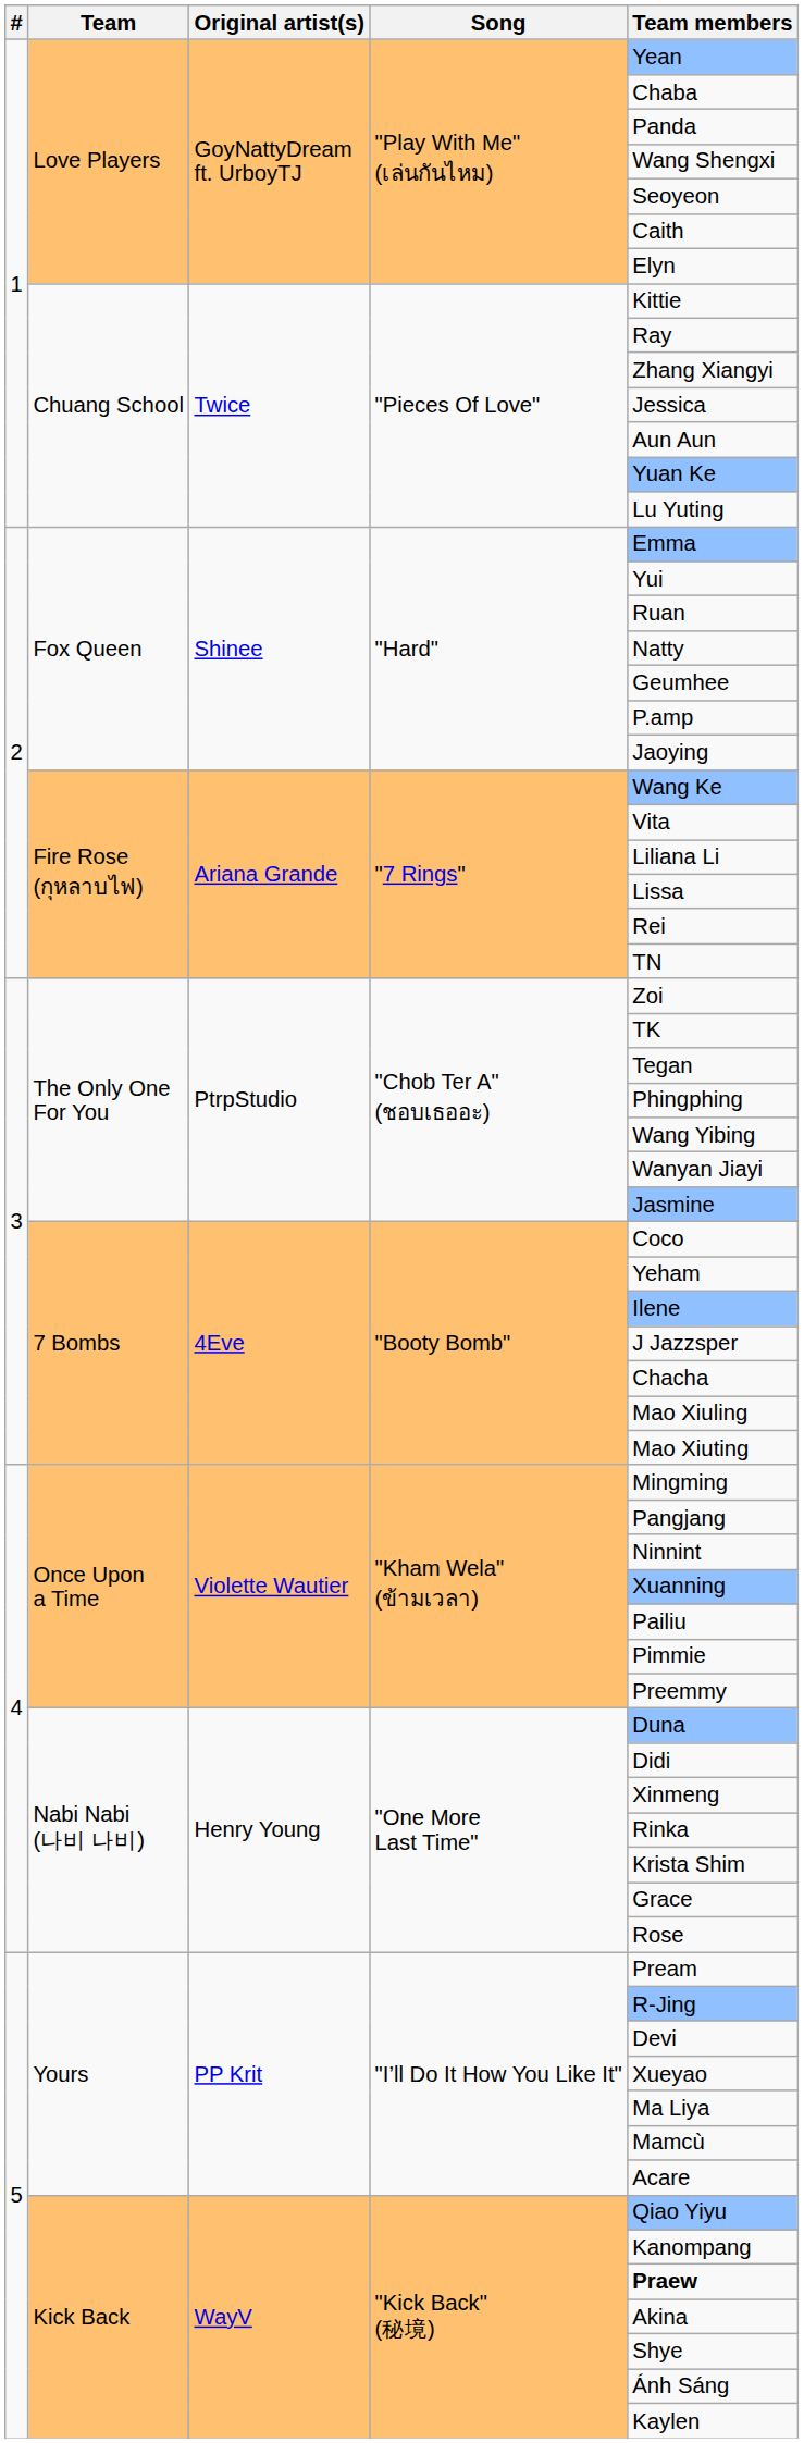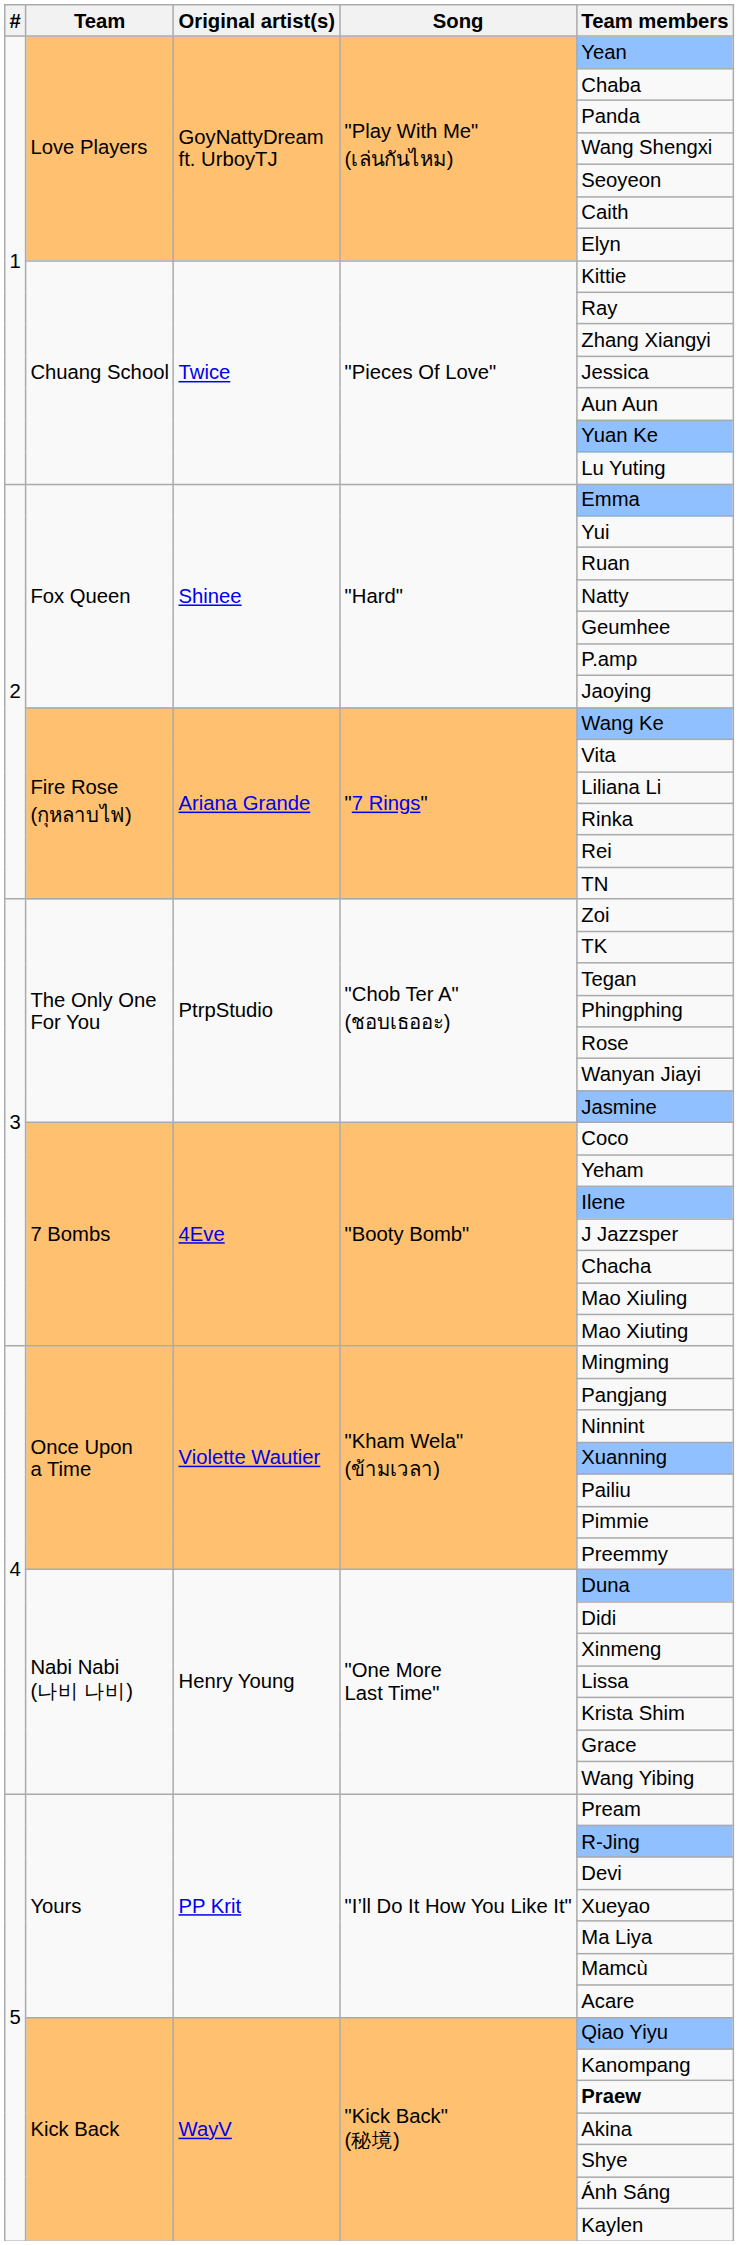 <table class="wikitable sortable" style="font-size: 85%; white-space: nowrap;">
 <tr>
 <th>#</th>
 <th>Team</th>
 <th>Original artist(s)</th>
 <th>Song</th>
 <th>Team members</th>
 </tr>
 <tr>
 <td rowspan="14">1</td>
 <td rowspan="7" style="background:#FFC06F">Love Players</td>
 <td rowspan="7" style="background:#FFC06F">GoyNattyDream<br>ft. UrboyTJ</td>
 <td rowspan="7" style="background:#FFC06F">"Play With Me"<br>(เล่นกันไหม)</td>
 <td style="background:#90C0FF">Yean</td>
 </tr>
 <tr>
 <td>Chaba</td>
 </tr>
 <tr>
 <td>Panda</td>
 </tr>
 <tr>
 <td>Wang Shengxi</td>
 </tr>
 <tr>
 <td>Seoyeon</td>
 </tr>
 <tr>
 <td>Caith</td>
 </tr>
 <tr>
 <td>Elyn</td>
 </tr>
 <tr>
 <td rowspan="7">Chuang School</td>
 <td rowspan="7"><a href='#'>Twice</a></td>
 <td rowspan="7">"Pieces Of Love"</td>
 <td>Kittie</td>
 </tr>
 <tr>
 <td>Ray</td>
 </tr>
 <tr>
 <td>Zhang Xiangyi</td>
 </tr>
 <tr>
 <td>Jessica</td>
 </tr>
 <tr>
 <td>Aun Aun</td>
 </tr>
 <tr>
 <td style="background:#90C0FF">Yuan Ke</td>
 </tr>
 <tr>
 <td>Lu Yuting</td>
 </tr>
 <tr>
 <td rowspan="13">2</td>
 <td rowspan="7">Fox Queen</td>
 <td rowspan="7"><a href='#'>Shinee</a></td>
 <td rowspan="7">"Hard"</td>
 <td style="background:#90C0FF">Emma</td>
 </tr>
 <tr>
 <td>Yui</td>
 </tr>
 <tr>
 <td>Ruan</td>
 </tr>
 <tr>
 <td>Natty</td>
 </tr>
 <tr>
 <td>Geumhee</td>
 </tr>
 <tr>
 <td>P.amp</td>
 </tr>
 <tr>
 <td>Jaoying</td>
 </tr>
 <tr>
 <td rowspan="6" style="background:#FFC06F">Fire Rose<br>(กุหลาบไฟ)</td>
 <td rowspan="6" style="background:#FFC06F"><a href='#'>Ariana Grande</a></td>
 <td rowspan="6" style="background:#FFC06F">"<a href='#'>7 Rings</a>"</td>
 <td style="background:#90C0FF">Wang Ke</td>
 </tr>
 <tr>
 <td>Vita</td>
 </tr>
 <tr>
 <td>Liliana Li</td>
 </tr>
 <tr>
-<td>Lissa</td>
+<td>Rinka</td>
 </tr>
 <tr>
 <td>Rei</td>
 </tr>
 <tr>
 <td>TN</td>
 </tr>
 <tr>
 <td rowspan="14">3</td>
 <td rowspan="7">The Only One<br>For You</td>
 <td rowspan="7">PtrpStudio</td>
 <td rowspan="7">"Chob Ter A"<br>(ชอบเธออะ)</td>
 <td>Zoi</td>
 </tr>
 <tr>
 <td>TK</td>
 </tr>
 <tr>
 <td>Tegan</td>
 </tr>
 <tr>
 <td>Phingphing</td>
 </tr>
 <tr>
-<td>Wang Yibing</td>
+<td>Rose</td>
 </tr>
 <tr>
 <td>Wanyan Jiayi</td>
 </tr>
 <tr>
 <td style="background:#90C0FF">Jasmine</td>
 </tr>
 <tr>
 <td rowspan="7" style="background:#FFC06F">7 Bombs</td>
 <td rowspan="7" style="background:#FFC06F"><a href='#'>4Eve</a></td>
 <td rowspan="7" style="background:#FFC06F">"Booty Bomb"</td>
 <td>Coco</td>
 </tr>
 <tr>
 <td>Yeham</td>
 </tr>
 <tr>
 <td style="background:#90C0FF">Ilene</td>
 </tr>
 <tr>
 <td>J Jazzsper</td>
 </tr>
 <tr>
 <td>Chacha</td>
 </tr>
 <tr>
 <td>Mao Xiuling</td>
 </tr>
 <tr>
 <td>Mao Xiuting</td>
 </tr>
 <tr>
 <td rowspan="14">4</td>
 <td rowspan="7" style="background:#FFC06F">Once Upon<br>a Time</td>
 <td rowspan="7" style="background:#FFC06F"><a href='#'>Violette Wautier</a></td>
 <td rowspan="7" style="background:#FFC06F">"Kham Wela"<br>(ข้ามเวลา)</td>
 <td>Mingming</td>
 </tr>
 <tr>
 <td>Pangjang</td>
 </tr>
 <tr>
 <td>Ninnint</td>
 </tr>
 <tr>
 <td style="background:#90C0FF">Xuanning</td>
 </tr>
 <tr>
 <td>Pailiu</td>
 </tr>
 <tr>
 <td>Pimmie</td>
 </tr>
 <tr>
 <td>Preemmy</td>
 </tr>
 <tr>
 <td rowspan="7">Nabi Nabi<br>(나비 나비)</td>
 <td rowspan="7">Henry Young</td>
 <td rowspan="7">"One More<br>Last Time"</td>
 <td style="background:#90C0FF">Duna</td>
 </tr>
 <tr>
 <td>Didi</td>
 </tr>
 <tr>
 <td>Xinmeng</td>
 </tr>
 <tr>
-<td>Rinka</td>
+<td>Lissa</td>
 </tr>
 <tr>
 <td>Krista Shim</td>
 </tr>
 <tr>
 <td>Grace</td>
 </tr>
 <tr>
-<td>Rose</td>
+<td>Wang Yibing</td>
 </tr>
 <tr>
 <td rowspan="14">5</td>
 <td rowspan="7">Yours</td>
 <td rowspan="7"><a href='#'>PP Krit</a></td>
 <td rowspan="7">"I’ll Do It How You Like It"</td>
 <td>Pream</td>
 </tr>
 <tr>
 <td style="background:#90C0FF">R-Jing</td>
 </tr>
 <tr>
 <td>Devi</td>
 </tr>
 <tr>
 <td>Xueyao</td>
 </tr>
 <tr>
 <td>Ma Liya</td>
 </tr>
 <tr>
 <td>Mamcù</td>
 </tr>
 <tr>
 <td>Acare</td>
 </tr>
 <tr>
 <td rowspan="7" style="background:#FFC06F">Kick Back</td>
 <td rowspan="7" style="background:#FFC06F"><a href='#'>WayV</a></td>
 <td rowspan="7" style="background:#FFC06F">"Kick Back"<br>(秘境)</td>
 <td style="background:#90C0FF">Qiao Yiyu</td>
 </tr>
 <tr>
 <td>Kanompang</td>
 </tr>
 <tr>
 <td><strong>Praew</strong></td>
 </tr>
 <tr>
 <td>Akina</td>
 </tr>
 <tr>
 <td>Shye</td>
 </tr>
 <tr>
 <td>Ánh Sáng</td>
 </tr>
 <tr>
 <td>Kaylen</td>
 </tr>
 </table>
